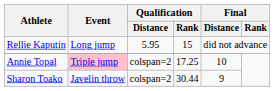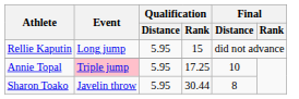 <table class="wikitable" style="font-size:90%">
 <tr>
 <th rowspan=2>Athlete</th>
 <th rowspan=2>Event</th>
 <th colspan=2>Qualification</th>
 <th colspan=2>Final</th>
 </tr>
 <tr style="font-size:95%">
 <th>Distance</th>
 <th>Rank</th>
 <th>Distance</th>
 <th>Rank</th>
 </tr>
 <tr align=center>
 <td align=left><a href='#'>Rellie Kaputin</a></td>
 <td align=left><a href='#'>Long jump</a></td>
 <td>5.95</td>
 <td>15</td>
 <td colspan=2>did not advance</td>
 </tr>
 <tr>
 </tr>
 <tr align=center>
 <td align=left><a href='#'>Annie Topal</a></td>
 <td align=left style="background: pink;"><a href='#'>Triple jump</a></td>
-<td>colspan=2 </td>
+<td>5.95</td>
 <td>17.25</td>
 <td>10</td>
 </tr>
 <tr align=center>
 <td align=left><a href='#'>Sharon Toako</a></td>
 <td align=left><a href='#'>Javelin throw</a></td>
-<td>colspan=2 </td>
+<td>5.95</td>
 <td>30.44</td>
-<td>9</td>
+<td>8</td>
 </tr>
 </table>
